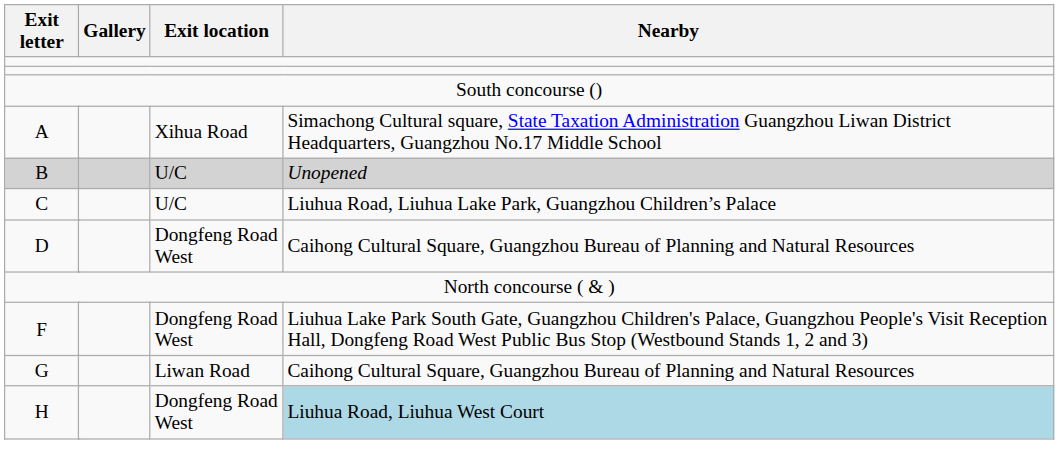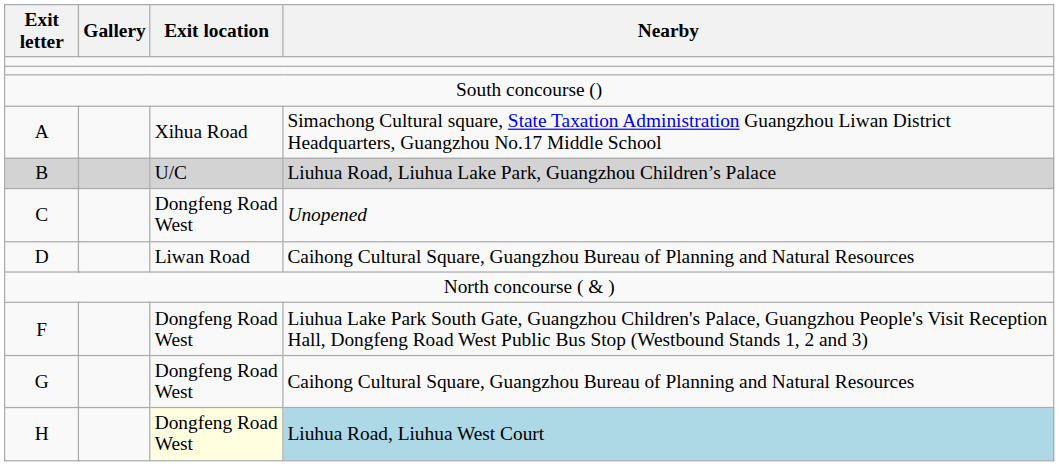 <table class="wikitable">
 <tr>
 <th style="width:70px" colspan="3">Exit letter</th>
 <th>Gallery</th>
 <th>Exit location</th>
 <th>Nearby</th>
 </tr>
 <tr style="background:#">
 <td colspan = "6"></td>
 </tr>
 <tr style="background:#">
 <td colspan = "6"></td>
 </tr>
 <tr>
 <td align="center" colspan="6">South concourse ()</td>
 </tr>
 <tr>
 <td align="center" colspan="3">A</td>
 <td></td>
 <td>Xihua Road</td>
 <td>Simachong Cultural square, <a href='#'>State Taxation Administration</a> Guangzhou Liwan District Headquarters, Guangzhou No.17 Middle School</td>
 </tr>
 <tr bgcolor=lightgrey>
 <td align="center" colspan="3">B</td>
 <td></td>
 <td>U/C</td>
-<td><em>Unopened</em></td>
+<td>Liuhua Road, Liuhua Lake Park, Guangzhou Children’s Palace</td>
 </tr>
 <tr>
 <td align="center" colspan="3">C</td>
 <td></td>
-<td>U/C</td>
-<td>Liuhua Road, Liuhua Lake Park, Guangzhou Children’s Palace</td>
+<td>Dongfeng Road West</td>
+<td><em>Unopened</em></td>
 </tr>
 <tr>
 <td align="center" colspan="3">D</td>
 <td></td>
-<td>Dongfeng Road West</td>
+<td>Liwan Road</td>
 <td>Caihong Cultural Square, Guangzhou Bureau of Planning and Natural Resources</td>
 </tr>
 <tr>
 <td align="center" colspan="6">North concourse ( & )</td>
 </tr>
 <tr>
 <td align="center" colspan="3">F</td>
 <td></td>
 <td>Dongfeng Road West</td>
 <td>Liuhua Lake Park South Gate, Guangzhou Children's Palace, Guangzhou People's Visit Reception Hall, Dongfeng Road West Public Bus Stop (Westbound Stands 1, 2 and 3)</td>
 </tr>
 <tr>
 <td align="center" colspan="3">G</td>
 <td></td>
-<td>Liwan Road</td>
+<td>Dongfeng Road West</td>
 <td>Caihong Cultural Square, Guangzhou Bureau of Planning and Natural Resources</td>
 </tr>
 <tr>
 <td align="center" colspan="3">H</td>
 <td></td>
-<td>Dongfeng Road West</td>
+<td style="background: lightyellow;">Dongfeng Road West</td>
 <td style="background: lightblue;">Liuhua Road, Liuhua West Court</td>
 </tr>
 </table>
